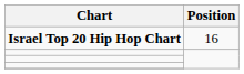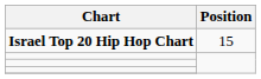 <table class="wikitable">
 <tr>
 <th align="left">Chart</th>
 <th align="left">Position</th>
 </tr>
 <tr>
 <td align="left"><strong>Israel Top 20 Hip Hop Chart</strong></td>
-<td align="center">16</td>
+<td align="center">15</td>
 </tr>
 <tr>
 <td></td>
 </tr>
 <tr>
 <td></td>
 </tr>
 <tr>
 <td></td>
 </tr>
 <tr>
 </tr>
 </table>
